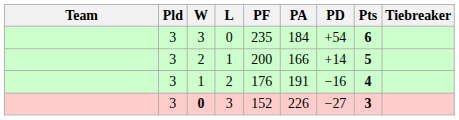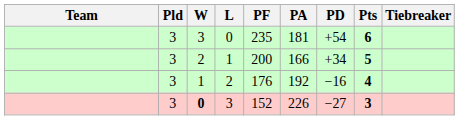 <table class="wikitable" style="text-align:center;">
 <tr>
 <th width=170>Team</th>
 <th width=25>Pld</th>
 <th width=25>W</th>
 <th width=25>L</th>
 <th width=35>PF</th>
 <th width=35>PA</th>
 <th width=35>PD</th>
 <th width=25>Pts</th>
 <th width=50>Tiebreaker</th>
 </tr>
 <tr bgcolor=ccffcc>
 <td align="left"></td>
 <td>3</td>
 <td>3</td>
 <td>0</td>
 <td>235</td>
-<td>184</td>
+<td>181</td>
 <td>+54</td>
 <td><strong>6</strong></td>
 <td></td>
 </tr>
 <tr bgcolor=ccffcc>
 <td align="left"></td>
 <td>3</td>
 <td>2</td>
 <td>1</td>
 <td>200</td>
 <td>166</td>
-<td>+14</td>
+<td>+34</td>
 <td><strong>5</strong></td>
 <td></td>
 </tr>
 <tr bgcolor=ccffcc>
 <td align="left"></td>
 <td>3</td>
 <td>1</td>
 <td>2</td>
 <td>176</td>
-<td>191</td>
+<td>192</td>
 <td>−16</td>
 <td><strong>4</strong></td>
 <td></td>
 </tr>
 <tr bgcolor=ffcccc>
 <td align="left"></td>
 <td>3</td>
 <td><strong>0</strong></td>
 <td>3</td>
 <td>152</td>
 <td>226</td>
 <td>−27</td>
 <td><strong>3</strong></td>
 <td></td>
 </tr>
 </table>
